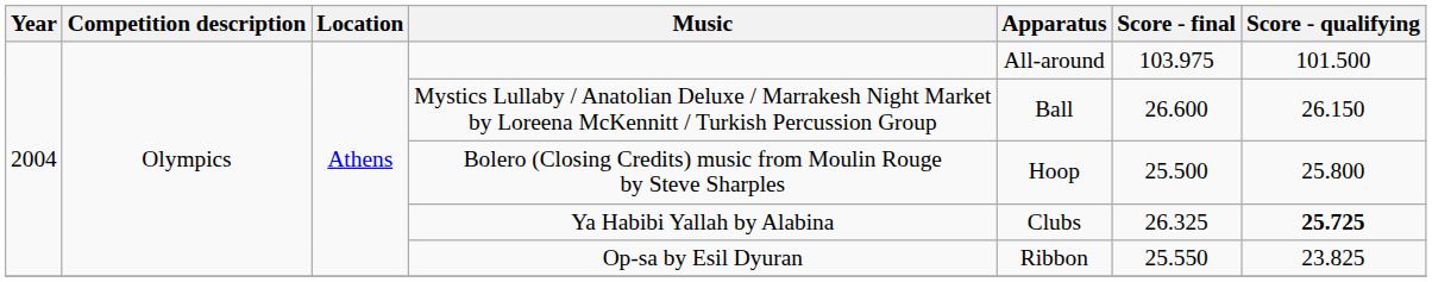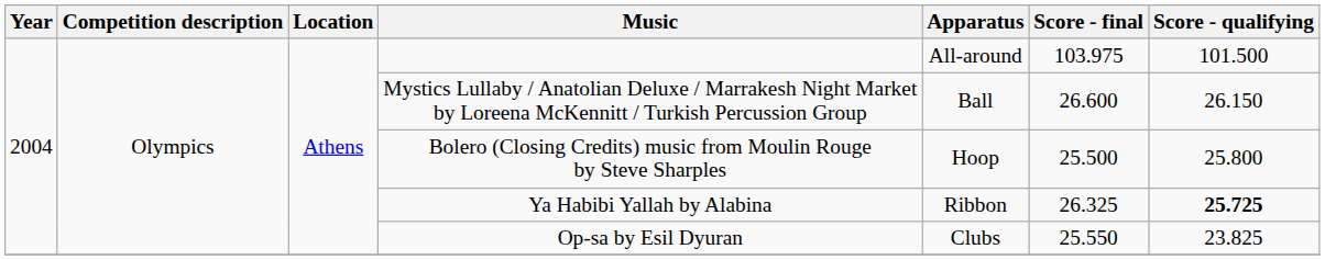 <table class="wikitable" style="text-align:center">
 <tr>
 <th>Year</th>
 <th>Competition description</th>
 <th>Location</th>
 <th>Music</th>
 <th>Apparatus</th>
 <th>Score - final</th>
 <th>Score - qualifying</th>
 </tr>
 <tr>
 <td rowspan="5">2004</td>
 <td rowspan="5">Olympics</td>
 <td rowspan="5"><a href='#'>Athens</a></td>
 <td></td>
 <td>All-around</td>
 <td>103.975</td>
 <td>101.500</td>
 </tr>
 <tr>
 <td>Mystics Lullaby / Anatolian Deluxe / Marrakesh Night Market <br> by Loreena McKennitt / Turkish Percussion Group</td>
 <td>Ball</td>
 <td>26.600</td>
 <td>26.150</td>
 </tr>
 <tr>
 <td>Bolero (Closing Credits) music from Moulin Rouge <br> by Steve Sharples</td>
 <td>Hoop</td>
 <td>25.500</td>
 <td>25.800</td>
 </tr>
 <tr>
 <td>Ya Habibi Yallah by Alabina</td>
-<td>Clubs</td>
+<td>Ribbon</td>
 <td>26.325</td>
 <td><strong>25.725</strong></td>
 </tr>
 <tr>
 <td>Op-sa by Esil Dyuran</td>
-<td>Ribbon</td>
+<td>Clubs</td>
 <td>25.550</td>
 <td>23.825</td>
 </tr>
 <tr>
 </tr>
 </table>
